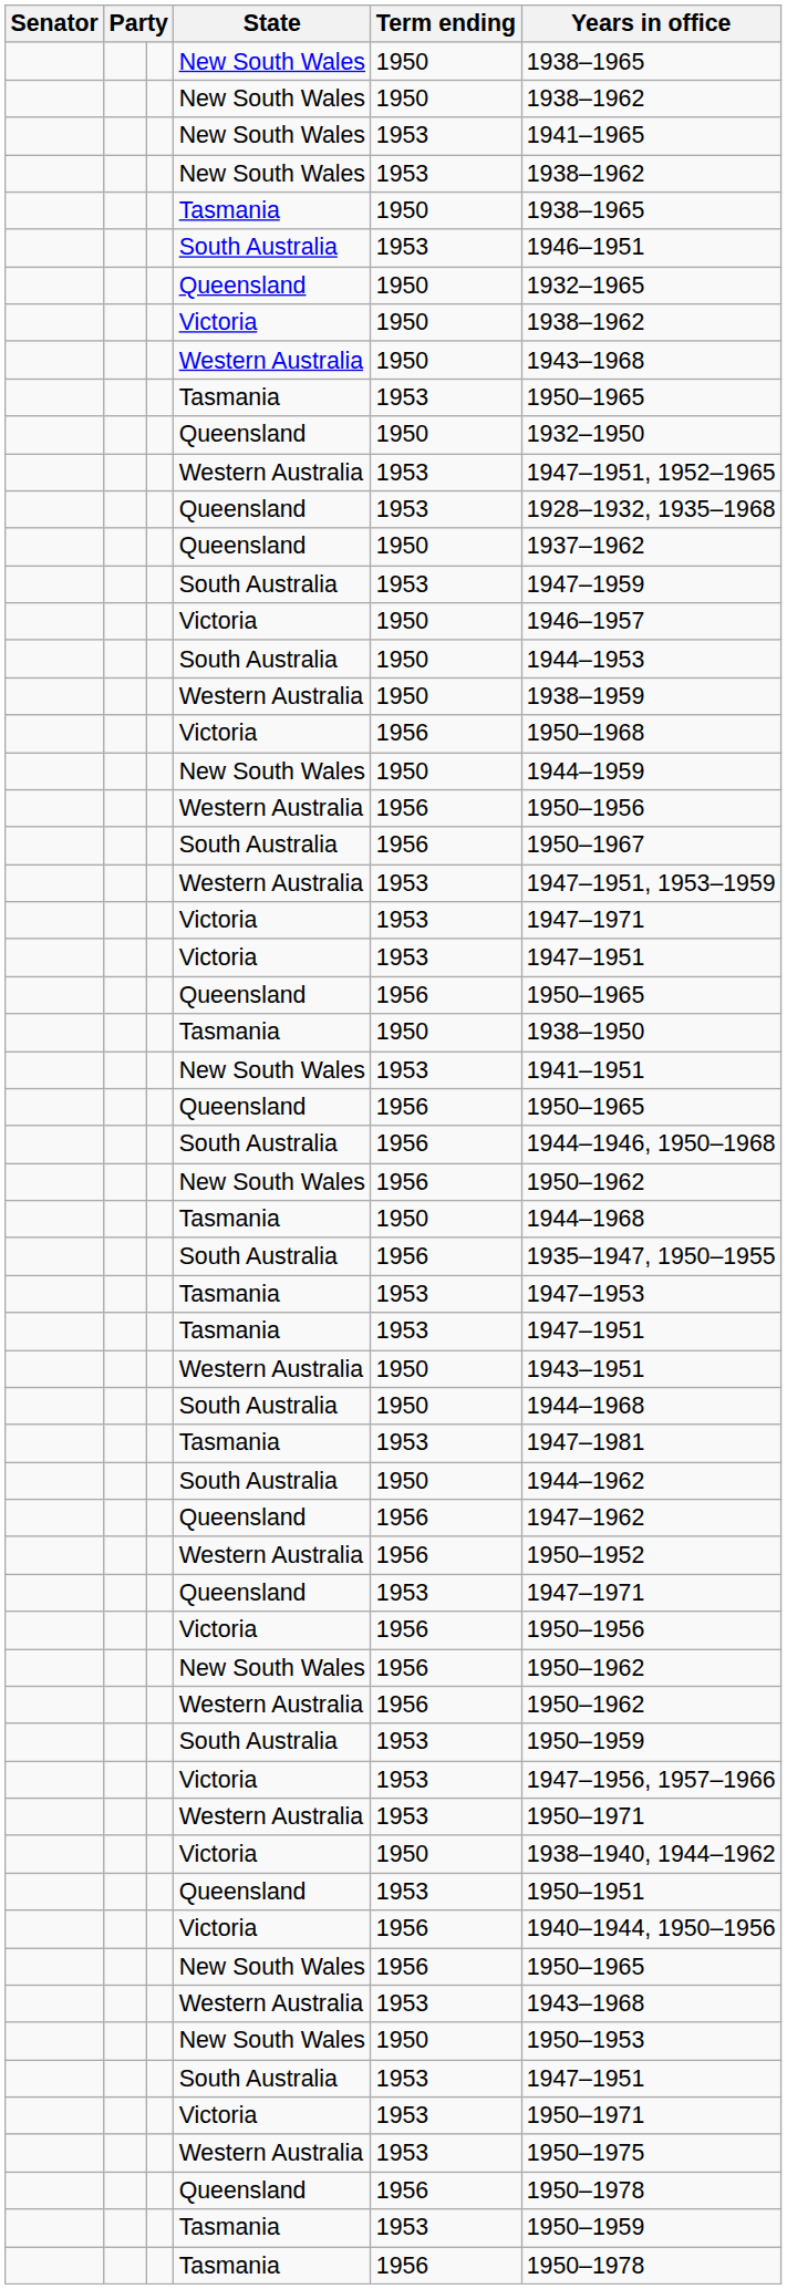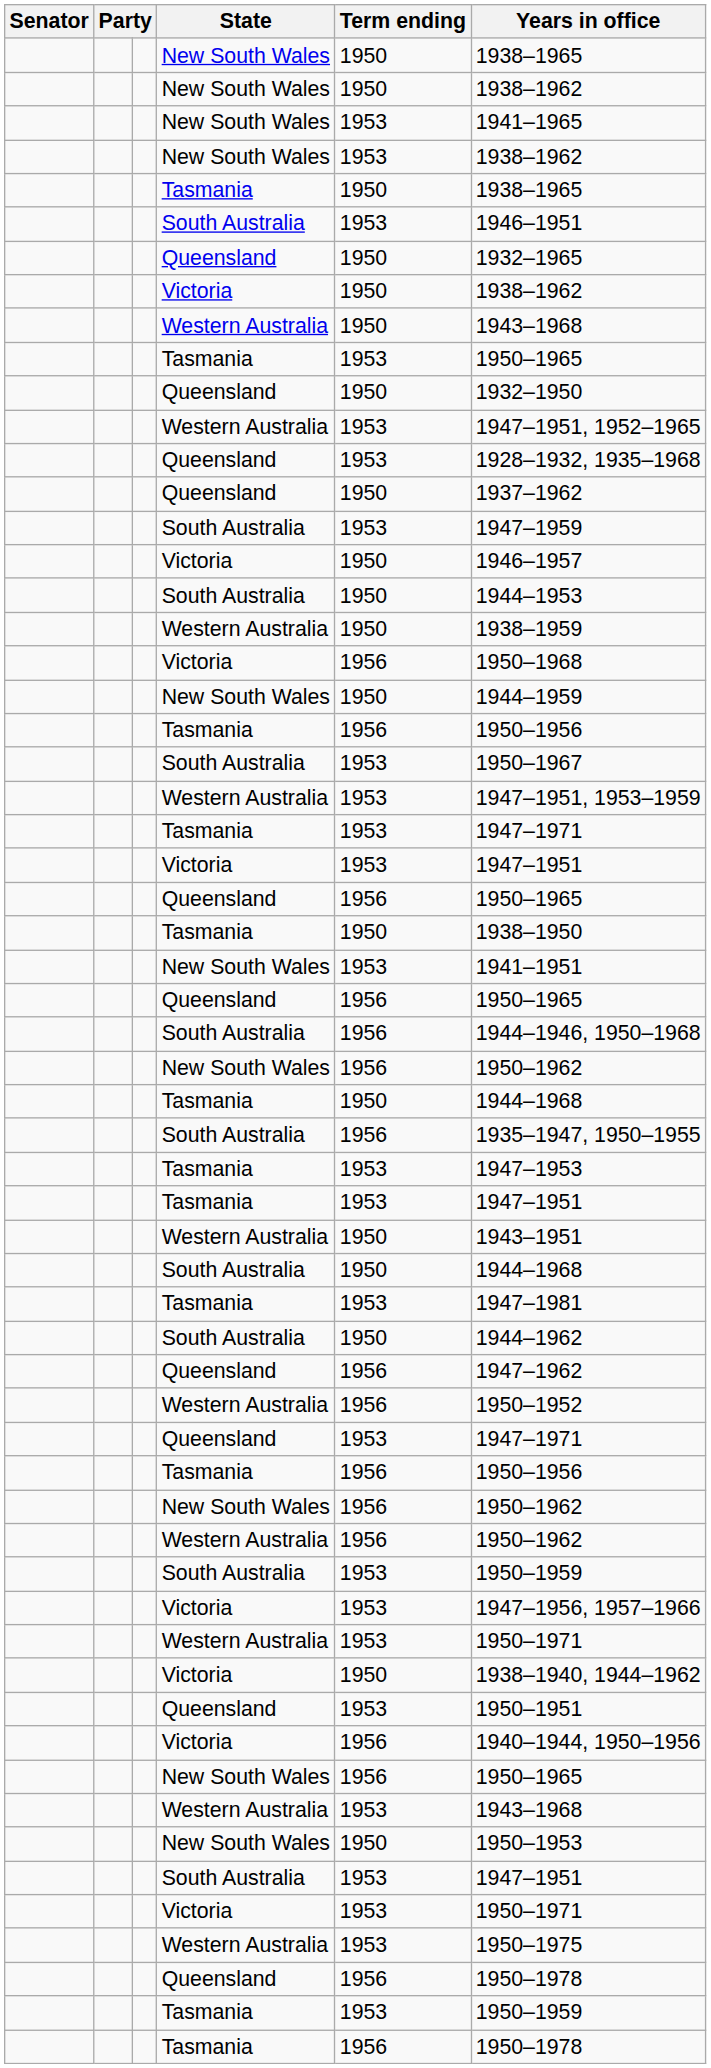 <table class="wikitable sortable">
 <tr>
 <th>Senator</th>
 <th colspan=2>Party</th>
 <th>State</th>
 <th>Term ending</th>
 <th>Years in office</th>
 </tr>
 <tr>
 <td></td>
 <td> </td>
 <td></td>
 <td><a href='#'>New South Wales</a></td>
 <td>1950</td>
 <td>1938–1965</td>
 </tr>
 <tr>
 <td></td>
 <td> </td>
 <td></td>
 <td>New South Wales</td>
 <td>1950</td>
 <td>1938–1962</td>
 </tr>
 <tr>
 <td></td>
 <td> </td>
 <td></td>
 <td>New South Wales</td>
 <td>1953</td>
 <td>1941–1965</td>
 </tr>
 <tr>
 <td></td>
 <td> </td>
 <td></td>
 <td>New South Wales</td>
 <td>1953</td>
 <td>1938–1962</td>
 </tr>
 <tr>
 <td></td>
 <td> </td>
 <td></td>
 <td><a href='#'>Tasmania</a></td>
 <td>1950</td>
 <td>1938–1965</td>
 </tr>
 <tr>
 <td></td>
 <td> </td>
 <td></td>
 <td><a href='#'>South Australia</a></td>
 <td>1953</td>
 <td>1946–1951</td>
 </tr>
 <tr>
 <td> </td>
 <td> </td>
 <td></td>
 <td><a href='#'>Queensland</a></td>
 <td>1950</td>
 <td>1932–1965</td>
 </tr>
 <tr>
 <td></td>
 <td> </td>
 <td></td>
 <td><a href='#'>Victoria</a></td>
 <td>1950</td>
 <td>1938–1962</td>
 </tr>
 <tr>
 <td></td>
 <td> </td>
 <td></td>
 <td><a href='#'>Western Australia</a></td>
 <td>1950</td>
 <td>1943–1968</td>
 </tr>
 <tr>
 <td></td>
 <td> </td>
 <td></td>
 <td>Tasmania</td>
 <td>1953 </td>
 <td>1950–1965</td>
 </tr>
 <tr>
 <td> </td>
 <td> </td>
 <td></td>
 <td>Queensland</td>
 <td>1950</td>
 <td>1932–1950</td>
 </tr>
 <tr>
 <td></td>
 <td> </td>
 <td></td>
 <td>Western Australia</td>
 <td>1953</td>
 <td>1947–1951, 1952–1965</td>
 </tr>
 <tr>
 <td></td>
 <td> </td>
 <td></td>
 <td>Queensland</td>
 <td>1953</td>
 <td>1928–1932, 1935–1968</td>
 </tr>
 <tr>
 <td></td>
 <td> </td>
 <td></td>
 <td>Queensland</td>
 <td>1950</td>
 <td>1937–1962</td>
 </tr>
 <tr>
 <td></td>
 <td> </td>
 <td></td>
 <td>South Australia</td>
 <td>1953</td>
 <td>1947–1959</td>
 </tr>
 <tr>
 <td></td>
 <td> </td>
 <td></td>
 <td>Victoria</td>
 <td>1950</td>
 <td>1946–1957</td>
 </tr>
 <tr>
 <td></td>
 <td> </td>
 <td></td>
 <td>South Australia</td>
 <td>1950</td>
 <td>1944–1953</td>
 </tr>
 <tr>
 <td></td>
 <td> </td>
 <td></td>
 <td>Western Australia</td>
 <td>1950</td>
 <td>1938–1959</td>
 </tr>
 <tr>
 <td></td>
 <td> </td>
 <td></td>
 <td>Victoria</td>
 <td>1956 </td>
 <td>1950–1968</td>
 </tr>
 <tr>
 <td></td>
 <td> </td>
 <td></td>
 <td>New South Wales</td>
 <td>1950</td>
 <td>1944–1959</td>
 </tr>
 <tr>
 <td></td>
 <td> </td>
 <td></td>
-<td>Western Australia</td>
+<td>Tasmania</td>
 <td>1956 </td>
 <td>1950–1956</td>
 </tr>
 <tr>
 <td></td>
 <td> </td>
 <td></td>
 <td>South Australia</td>
-<td>1956 </td>
+<td>1953 </td>
 <td>1950–1967</td>
 </tr>
 <tr>
 <td></td>
 <td> </td>
 <td></td>
 <td>Western Australia</td>
 <td>1953</td>
 <td>1947–1951, 1953–1959</td>
 </tr>
 <tr>
 <td></td>
 <td> </td>
 <td></td>
-<td>Victoria</td>
+<td>Tasmania</td>
 <td>1953</td>
 <td>1947–1971</td>
 </tr>
 <tr>
 <td></td>
 <td> </td>
 <td></td>
 <td>Victoria</td>
 <td>1953</td>
 <td>1947–1951</td>
 </tr>
 <tr>
 <td></td>
 <td> </td>
 <td></td>
 <td>Queensland</td>
 <td>1956 </td>
 <td>1950–1965</td>
 </tr>
 <tr>
 <td></td>
 <td> </td>
 <td></td>
 <td>Tasmania</td>
 <td>1950</td>
 <td>1938–1950</td>
 </tr>
 <tr>
 <td></td>
 <td> </td>
 <td></td>
 <td>New South Wales</td>
 <td>1953</td>
 <td>1941–1951</td>
 </tr>
 <tr>
 <td></td>
 <td> </td>
 <td></td>
 <td>Queensland</td>
 <td>1956 </td>
 <td>1950–1965</td>
 </tr>
 <tr>
 <td></td>
 <td> </td>
 <td></td>
 <td>South Australia</td>
 <td>1956 </td>
 <td>1944–1946, 1950–1968</td>
 </tr>
 <tr>
 <td></td>
 <td> </td>
 <td></td>
 <td>New South Wales</td>
 <td>1956 </td>
 <td>1950–1962</td>
 </tr>
 <tr>
 <td></td>
 <td> </td>
 <td></td>
 <td>Tasmania</td>
 <td>1950</td>
 <td>1944–1968</td>
 </tr>
 <tr>
 <td></td>
 <td> </td>
 <td></td>
 <td>South Australia</td>
 <td>1956 </td>
 <td>1935–1947, 1950–1955</td>
 </tr>
 <tr>
 <td></td>
 <td> </td>
 <td></td>
 <td>Tasmania</td>
 <td>1953</td>
 <td>1947–1953</td>
 </tr>
 <tr>
 <td></td>
 <td> </td>
 <td></td>
 <td>Tasmania</td>
 <td>1953</td>
 <td>1947–1951</td>
 </tr>
 <tr>
 <td></td>
 <td> </td>
 <td></td>
 <td>Western Australia</td>
 <td>1950</td>
 <td>1943–1951</td>
 </tr>
 <tr>
 <td></td>
 <td> </td>
 <td></td>
 <td>South Australia</td>
 <td>1950</td>
 <td>1944–1968</td>
 </tr>
 <tr>
 <td></td>
 <td> </td>
 <td></td>
 <td>Tasmania</td>
 <td>1953</td>
 <td>1947–1981</td>
 </tr>
 <tr>
 <td></td>
 <td> </td>
 <td></td>
 <td>South Australia</td>
 <td>1950</td>
 <td>1944–1962</td>
 </tr>
 <tr>
 <td></td>
 <td> </td>
 <td></td>
 <td>Queensland</td>
 <td>1956</td>
 <td>1947–1962</td>
 </tr>
 <tr>
 <td></td>
 <td> </td>
 <td></td>
 <td>Western Australia</td>
 <td>1956 </td>
 <td>1950–1952</td>
 </tr>
 <tr>
 <td></td>
 <td> </td>
 <td></td>
 <td>Queensland</td>
 <td>1953</td>
 <td>1947–1971</td>
 </tr>
 <tr>
 <td></td>
 <td> </td>
 <td></td>
-<td>Victoria</td>
+<td>Tasmania</td>
 <td>1956 </td>
 <td>1950–1956</td>
 </tr>
 <tr>
 <td></td>
 <td> </td>
 <td></td>
 <td>New South Wales</td>
 <td>1956 </td>
 <td>1950–1962</td>
 </tr>
 <tr>
 <td></td>
 <td> </td>
 <td></td>
 <td>Western Australia</td>
 <td>1956 </td>
 <td>1950–1962</td>
 </tr>
 <tr>
 <td></td>
 <td> </td>
 <td></td>
 <td>South Australia</td>
 <td>1953 </td>
 <td>1950–1959</td>
 </tr>
 <tr>
 <td></td>
 <td> </td>
 <td></td>
 <td>Victoria</td>
 <td>1953</td>
 <td>1947–1956, 1957–1966</td>
 </tr>
 <tr>
 <td></td>
 <td> </td>
 <td></td>
 <td>Western Australia</td>
 <td>1953 </td>
 <td>1950–1971</td>
 </tr>
 <tr>
 <td></td>
 <td> </td>
 <td></td>
 <td>Victoria</td>
 <td>1950</td>
 <td>1938–1940, 1944–1962</td>
 </tr>
 <tr>
 <td></td>
 <td> </td>
 <td></td>
 <td>Queensland</td>
 <td>1953 </td>
 <td>1950–1951</td>
 </tr>
 <tr>
 <td></td>
 <td> </td>
 <td></td>
 <td>Victoria</td>
 <td>1956 </td>
 <td>1940–1944, 1950–1956</td>
 </tr>
 <tr>
 <td></td>
 <td> </td>
 <td></td>
 <td>New South Wales</td>
 <td>1956 </td>
 <td>1950–1965</td>
 </tr>
 <tr>
 <td></td>
 <td> </td>
 <td></td>
 <td>Western Australia</td>
 <td>1953</td>
 <td>1943–1968</td>
 </tr>
 <tr>
 <td></td>
 <td> </td>
 <td></td>
 <td>New South Wales</td>
 <td>1950 </td>
 <td>1950–1953</td>
 </tr>
 <tr>
 <td></td>
 <td> </td>
 <td></td>
 <td>South Australia</td>
 <td>1953</td>
 <td>1947–1951</td>
 </tr>
 <tr>
 <td></td>
 <td> </td>
 <td></td>
 <td>Victoria</td>
 <td>1953 </td>
 <td>1950–1971</td>
 </tr>
 <tr>
 <td></td>
 <td> </td>
 <td></td>
 <td>Western Australia</td>
 <td>1953 </td>
 <td>1950–1975</td>
 </tr>
 <tr>
 <td></td>
 <td> </td>
 <td></td>
 <td>Queensland</td>
 <td>1956 </td>
 <td>1950–1978</td>
 </tr>
 <tr>
 <td></td>
 <td> </td>
 <td></td>
 <td>Tasmania</td>
 <td>1953 </td>
 <td>1950–1959</td>
 </tr>
 <tr>
 <td></td>
 <td> </td>
 <td></td>
 <td>Tasmania</td>
 <td>1956 </td>
 <td>1950–1978</td>
 </tr>
 </table>
